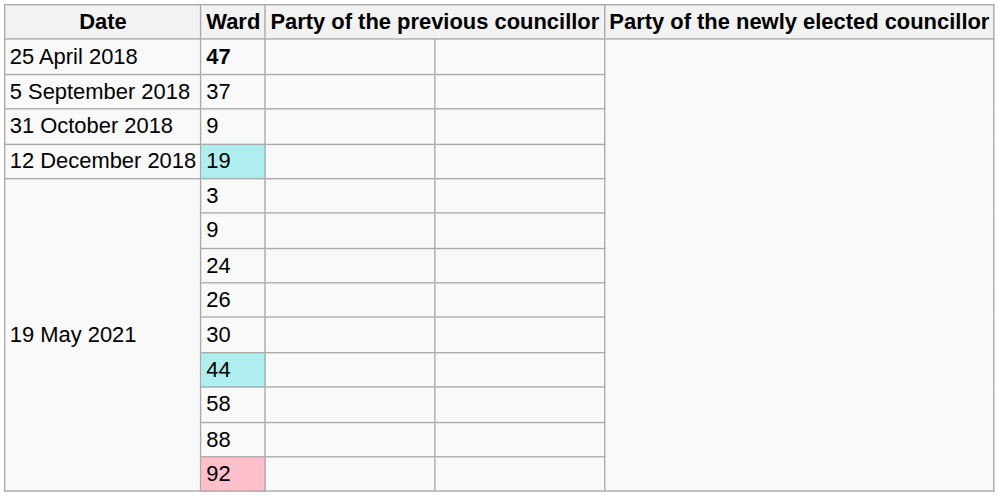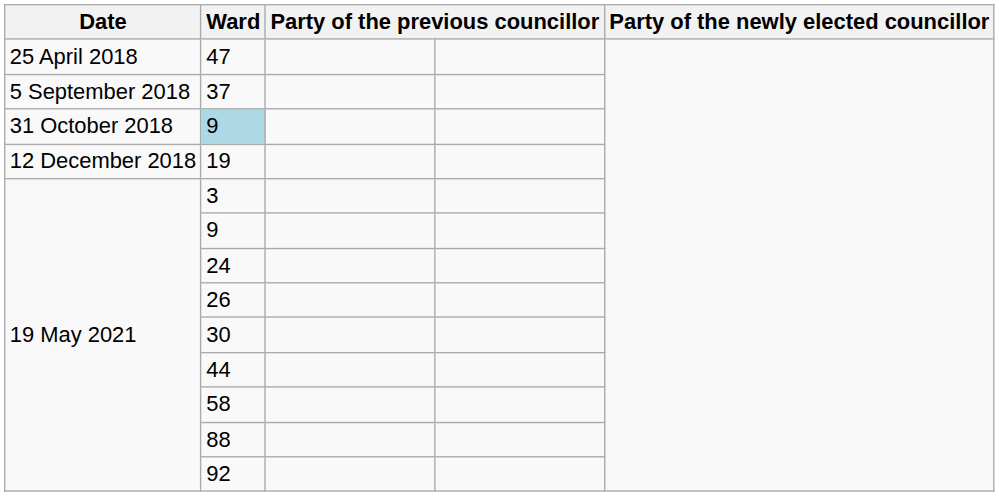 <table class="wikitable">
 <tr>
 <th>Date</th>
 <th>Ward</th>
 <th colspan=2>Party of the previous councillor</th>
 <th colspan=2>Party of the newly elected councillor</th>
 </tr>
 <tr>
 <td>25 April 2018</td>
-<td><strong>47</strong></td>
+<td>47</td>
 <td></td>
 <td></td>
 </tr>
 <tr>
 <td>5 September 2018</td>
 <td>37</td>
 <td></td>
 <td></td>
 </tr>
 <tr>
 <td>31 October 2018</td>
-<td>9</td>
+<td style="background: lightblue;">9</td>
 <td></td>
 <td></td>
 </tr>
 <tr>
 <td>12 December 2018</td>
-<td style="background: paleturquoise;">19</td>
+<td>19</td>
 <td></td>
 <td></td>
 </tr>
 <tr>
 <td rowspan=9>19 May 2021</td>
 <td>3</td>
 <td></td>
 <td></td>
 </tr>
 <tr>
 <td>9</td>
 <td></td>
 <td></td>
 </tr>
 <tr>
 <td>24</td>
 <td></td>
 <td></td>
 </tr>
 <tr>
 <td>26</td>
 <td></td>
 <td></td>
 </tr>
 <tr>
 <td>30</td>
 <td></td>
 <td></td>
 </tr>
 <tr>
-<td style="background: paleturquoise;">44</td>
+<td>44</td>
 <td></td>
 <td></td>
 </tr>
 <tr>
 <td>58</td>
 <td></td>
 <td></td>
 </tr>
 <tr>
 <td>88</td>
 <td></td>
 <td></td>
 </tr>
 <tr>
-<td style="background: pink;">92</td>
+<td>92</td>
 <td></td>
 <td></td>
 </tr>
 </table>
